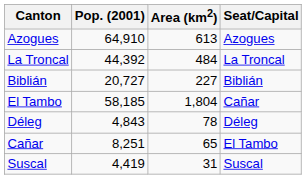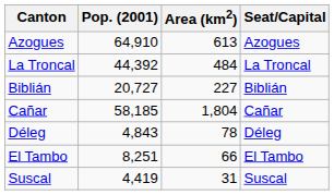 <table class="wikitable sortable">
 <tr>
 <th>Canton</th>
 <th>Pop. (2001)</th>
 <th>Area (km<sup>2</sup>)</th>
 <th>Seat/Capital</th>
 </tr>
 <tr>
 <td><a href='#'>Azogues</a></td>
 <td align=right>64,910</td>
 <td align=right>613</td>
 <td><a href='#'>Azogues</a></td>
 </tr>
 <tr>
 <td><a href='#'>La Troncal</a></td>
 <td align=right>44,392</td>
 <td align=right>484</td>
 <td><a href='#'>La Troncal</a></td>
 </tr>
 <tr>
 <td><a href='#'>Biblián</a></td>
 <td align=right>20,727</td>
 <td align=right>227</td>
 <td><a href='#'>Biblián</a></td>
 </tr>
 <tr>
-<td><a href='#'>El Tambo</a></td>
+<td><a href='#'>Cañar</a></td>
 <td align=right>58,185</td>
 <td align=right>1,804</td>
 <td><a href='#'>Cañar</a></td>
 </tr>
 <tr>
 <td><a href='#'>Déleg</a></td>
 <td align=right>4,843</td>
 <td align=right>78</td>
 <td><a href='#'>Déleg</a></td>
 </tr>
 <tr>
-<td><a href='#'>Cañar</a></td>
+<td><a href='#'>El Tambo</a></td>
 <td align=right>8,251</td>
-<td align=right>65</td>
+<td align=right>66</td>
 <td><a href='#'>El Tambo</a></td>
 </tr>
 <tr>
 <td><a href='#'>Suscal</a></td>
 <td align=right>4,419</td>
 <td align=right>31</td>
 <td><a href='#'>Suscal</a></td>
 </tr>
 </table>
